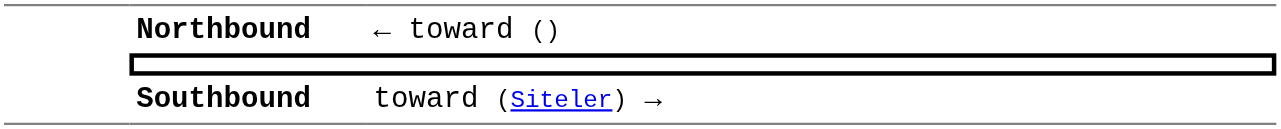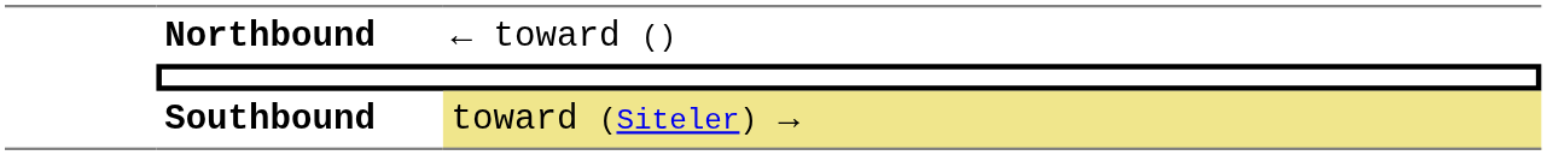 <table table border=0 cellspacing=0 cellpadding=3>
 <tr>
 <td style="border-top:solid 1px gray;border-bottom:solid 1px gray;" width=50 rowspan=3 valign=top></td>
 <td style="border-top:solid 1px gray;" width=100><strong>Northbound</strong></td>
 <td style="border-top:solid 1px gray;" width=400>←  toward  <small>()</small></td>
 </tr>
 <tr>
 <td style="border-top:solid 2px black;border-right:solid 2px black;border-left:solid 2px black;border-bottom:solid 2px black;text-align:center;" colspan=2></td>
 </tr>
 <tr>
 <td style="border-bottom:solid 1px gray;"><strong>Southbound</strong></td>
-<td style="border-bottom:solid 1px gray;"> toward  <small>(<a href='#'>Siteler</a>)</small> →</td>
+<td style="background: khaki; border-bottom:solid 1px gray;"> toward  <small>(<a href='#'>Siteler</a>)</small> →</td>
 </tr>
 </table>
